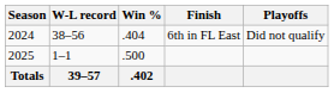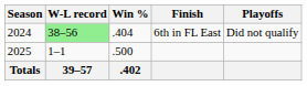 <table class="wikitable">
 <tr>
 <th>Season</th>
 <th>W-L record</th>
 <th>Win %</th>
 <th>Finish</th>
 <th>Playoffs</th>
 </tr>
 <tr>
 <td>2024</td>
-<td>38–56</td>
+<td style="background: lightgreen;">38–56</td>
 <td>.404</td>
 <td>6th in FL East</td>
 <td>Did not qualify</td>
 </tr>
 <tr>
 <td>2025</td>
 <td>1–1</td>
 <td>.500</td>
 <td></td>
 </tr>
 <tr>
 <th>Totals</th>
 <th>39–57</th>
 <th>.402</th>
 <th></th>
 <th></th>
 </tr>
 </table>
